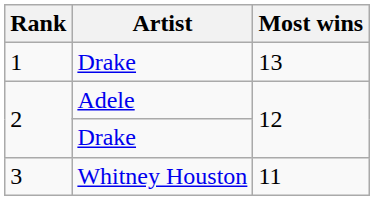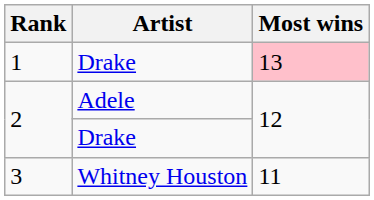 <table class="wikitable">
 <tr>
 <th>Rank</th>
 <th>Artist</th>
 <th>Most wins</th>
 </tr>
 <tr>
 <td>1</td>
 <td><a href='#'>Drake</a></td>
-<td>13</td>
+<td style="background: pink;">13</td>
 </tr>
 <tr>
 <td rowspan="2">2</td>
 <td align="left"><a href='#'>Adele</a></td>
 <td rowspan="2">12</td>
 </tr>
 <tr>
 <td align="left"><a href='#'>Drake</a></td>
 </tr>
 <tr>
 <td>3</td>
 <td><a href='#'>Whitney Houston</a></td>
 <td>11</td>
 </tr>
 </table>
